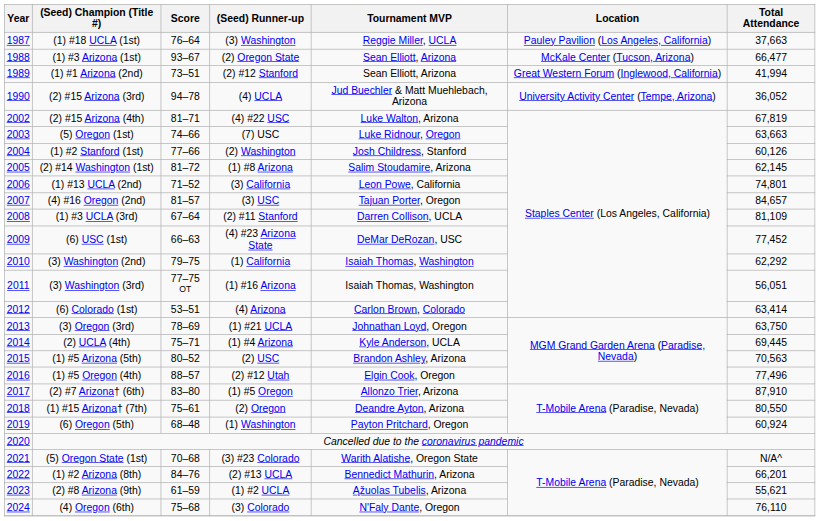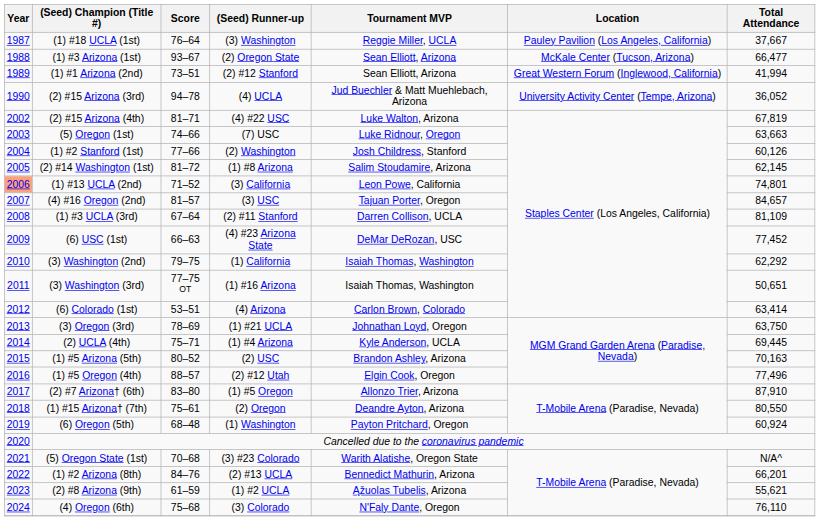 <table class="wikitable sortable" style="text-align:center">
 <tr>
 <th width=px>Year</th>
 <th width=px>(Seed) Champion (Title #)</th>
 <th width=px>Score</th>
 <th width=px>(Seed) Runner-up</th>
 <th width=px>Tournament MVP</th>
 <th width=px>Location</th>
 <th width=px>Total Attendance</th>
 </tr>
 <tr>
 <td><a href='#'>1987</a></td>
 <td>(1) #18 <a href='#'>UCLA</a> (1st)</td>
 <td>76–64</td>
 <td>(3) <a href='#'>Washington</a></td>
 <td><a href='#'>Reggie Miller</a>, <a href='#'>UCLA</a></td>
 <td><a href='#'>Pauley Pavilion</a> (<a href='#'>Los Angeles, California</a>)</td>
-<td>37,663</td>
+<td>37,667</td>
 </tr>
 <tr>
 <td><a href='#'>1988</a></td>
 <td>(1) #3 <a href='#'>Arizona</a> (1st)</td>
 <td>93–67</td>
 <td>(2) <a href='#'>Oregon State</a></td>
 <td><a href='#'>Sean Elliott</a>, <a href='#'>Arizona</a></td>
 <td><a href='#'>McKale Center</a> (<a href='#'>Tucson, Arizona</a>)</td>
 <td>66,477</td>
 </tr>
 <tr>
 <td><a href='#'>1989</a></td>
 <td>(1) #1 <a href='#'>Arizona</a> (2nd)</td>
 <td>73–51</td>
 <td>(2) #12 <a href='#'>Stanford</a></td>
 <td>Sean Elliott, Arizona</td>
 <td><a href='#'>Great Western Forum</a> (<a href='#'>Inglewood, California</a>)</td>
 <td>41,994</td>
 </tr>
 <tr>
 <td><a href='#'>1990</a></td>
 <td>(2) #15 <a href='#'>Arizona</a> (3rd)</td>
 <td>94–78</td>
 <td>(4) <a href='#'>UCLA</a></td>
 <td><a href='#'>Jud Buechler</a> & Matt Muehlebach, Arizona</td>
 <td><a href='#'>University Activity Center</a> (<a href='#'>Tempe, Arizona</a>)</td>
 <td>36,052</td>
 </tr>
 <tr>
 <td><a href='#'>2002</a></td>
 <td>(2) #15 <a href='#'>Arizona</a> (4th)</td>
 <td>81–71</td>
 <td>(4) #22 <a href='#'>USC</a></td>
 <td><a href='#'>Luke Walton</a>, Arizona</td>
 <td rowspan=11><a href='#'>Staples Center</a> (Los Angeles, California)</td>
 <td>67,819</td>
 </tr>
 <tr>
 <td><a href='#'>2003</a></td>
 <td>(5) <a href='#'>Oregon</a> (1st)</td>
 <td>74–66</td>
 <td>(7) USC</td>
 <td><a href='#'>Luke Ridnour</a>, <a href='#'>Oregon</a></td>
 <td>63,663</td>
 </tr>
 <tr>
 <td><a href='#'>2004</a></td>
 <td>(1) #2 <a href='#'>Stanford</a> (1st)</td>
 <td>77–66</td>
 <td>(2) <a href='#'>Washington</a></td>
 <td><a href='#'>Josh Childress</a>, Stanford</td>
 <td>60,126</td>
 </tr>
 <tr>
 <td><a href='#'>2005</a></td>
 <td>(2) #14 <a href='#'>Washington</a> (1st)</td>
 <td>81–72</td>
 <td>(1) #8 <a href='#'>Arizona</a></td>
 <td><a href='#'>Salim Stoudamire</a>, Arizona</td>
 <td>62,145</td>
 </tr>
 <tr>
-<td><a href='#'>2006</a></td>
+<td style="background: lightsalmon;"><a href='#'>2006</a></td>
 <td>(1) #13 <a href='#'>UCLA</a> (2nd)</td>
 <td>71–52</td>
 <td>(3) <a href='#'>California</a></td>
 <td><a href='#'>Leon Powe</a>, California</td>
 <td>74,801</td>
 </tr>
 <tr>
 <td><a href='#'>2007</a></td>
 <td>(4) #16 <a href='#'>Oregon</a> (2nd)</td>
 <td>81–57</td>
 <td>(3) <a href='#'>USC</a></td>
 <td><a href='#'>Tajuan Porter</a>, Oregon</td>
 <td>84,657</td>
 </tr>
 <tr>
 <td><a href='#'>2008</a></td>
 <td>(1) #3 <a href='#'>UCLA</a> (3rd)</td>
 <td>67–64</td>
 <td>(2) #11 <a href='#'>Stanford</a></td>
 <td><a href='#'>Darren Collison</a>, UCLA</td>
 <td>81,109</td>
 </tr>
 <tr>
 <td><a href='#'>2009</a></td>
 <td>(6) <a href='#'>USC</a> (1st)</td>
 <td>66–63</td>
 <td>(4) #23 <a href='#'>Arizona State</a></td>
 <td><a href='#'>DeMar DeRozan</a>, USC</td>
 <td>77,452</td>
 </tr>
 <tr>
 <td><a href='#'>2010</a></td>
 <td>(3) <a href='#'>Washington</a> (2nd)</td>
 <td>79–75</td>
 <td>(1) <a href='#'>California</a></td>
 <td><a href='#'>Isaiah Thomas</a>, <a href='#'>Washington</a></td>
 <td>62,292</td>
 </tr>
 <tr>
 <td><a href='#'>2011</a></td>
 <td>(3) <a href='#'>Washington</a> (3rd)</td>
 <td>77–75 <sup>OT</sup></td>
 <td>(1) #16 <a href='#'>Arizona</a></td>
 <td>Isaiah Thomas, Washington</td>
-<td>56,051</td>
+<td>50,651</td>
 </tr>
 <tr>
 <td><a href='#'>2012</a></td>
 <td>(6) <a href='#'>Colorado</a> (1st)</td>
 <td>53–51</td>
 <td>(4) <a href='#'>Arizona</a></td>
 <td><a href='#'>Carlon Brown</a>, <a href='#'>Colorado</a></td>
 <td>63,414</td>
 </tr>
 <tr>
 <td><a href='#'>2013</a></td>
 <td>(3) <a href='#'>Oregon</a> (3rd)</td>
 <td>78–69</td>
 <td>(1) #21 <a href='#'>UCLA</a></td>
 <td><a href='#'>Johnathan Loyd</a>, Oregon</td>
 <td rowspan=4><a href='#'>MGM Grand Garden Arena</a> (<a href='#'>Paradise, Nevada</a>)</td>
 <td>63,750</td>
 </tr>
 <tr>
 <td><a href='#'>2014</a></td>
 <td>(2) <a href='#'>UCLA</a> (4th)</td>
 <td>75–71</td>
 <td>(1) #4 <a href='#'>Arizona</a></td>
 <td><a href='#'>Kyle Anderson</a>, UCLA</td>
 <td>69,445</td>
 </tr>
 <tr>
 <td><a href='#'>2015</a></td>
 <td>(1) #5 <a href='#'>Arizona</a> (5th)</td>
 <td>80–52</td>
 <td>(2) <a href='#'>USC</a></td>
 <td><a href='#'>Brandon Ashley</a>, Arizona</td>
-<td>70,563</td>
+<td>70,163</td>
 </tr>
 <tr>
 <td><a href='#'>2016</a></td>
 <td>(1) #5 <a href='#'>Oregon</a> (4th)</td>
 <td>88–57</td>
 <td>(2) #12 <a href='#'>Utah</a></td>
 <td><a href='#'>Elgin Cook</a>, Oregon</td>
 <td>77,496</td>
 </tr>
 <tr>
 <td><a href='#'>2017</a></td>
 <td>(2) #7 <a href='#'>Arizona</a>† (6th)</td>
 <td>83–80</td>
 <td>(1) #5 <a href='#'>Oregon</a></td>
 <td><a href='#'>Allonzo Trier</a>, Arizona</td>
 <td rowspan=3><a href='#'>T-Mobile Arena</a> (Paradise, Nevada)</td>
 <td>87,910</td>
 </tr>
 <tr>
 <td><a href='#'>2018</a></td>
 <td>(1) #15 <a href='#'>Arizona</a>† (7th)</td>
 <td>75–61</td>
 <td>(2) <a href='#'>Oregon</a></td>
 <td><a href='#'>Deandre Ayton</a>, Arizona</td>
 <td>80,550</td>
 </tr>
 <tr>
 <td><a href='#'>2019</a></td>
 <td>(6) <a href='#'>Oregon</a> (5th)</td>
 <td>68–48</td>
 <td>(1) <a href='#'>Washington</a></td>
 <td><a href='#'>Payton Pritchard</a>, Oregon</td>
 <td>60,924</td>
 </tr>
 <tr>
 <td><a href='#'>2020</a></td>
 <td colspan=6><em>Cancelled due to the <a href='#'>coronavirus pandemic</a></em></td>
 </tr>
 <tr>
 <td><a href='#'>2021</a></td>
 <td>(5) <a href='#'>Oregon State</a> (1st)</td>
 <td>70–68</td>
 <td>(3) #23 <a href='#'>Colorado</a></td>
 <td><a href='#'>Warith Alatishe</a>, Oregon State</td>
 <td rowspan="4"><a href='#'>T-Mobile Arena</a> (Paradise, Nevada)</td>
 <td>N/A^</td>
 </tr>
 <tr>
 <td><a href='#'>2022</a></td>
 <td>(1) #2 <a href='#'>Arizona</a> (8th)</td>
 <td>84–76</td>
 <td>(2) #13 <a href='#'>UCLA</a></td>
 <td><a href='#'>Bennedict Mathurin</a>, Arizona</td>
 <td>66,201</td>
 </tr>
 <tr>
 <td><a href='#'>2023</a></td>
 <td>(2) #8 <a href='#'>Arizona</a> (9th)</td>
 <td>61–59</td>
 <td>(1) #2 <a href='#'>UCLA</a></td>
 <td><a href='#'>Ąžuolas Tubelis</a>, Arizona</td>
 <td>55,621</td>
 </tr>
 <tr>
 <td><a href='#'>2024</a></td>
 <td>(4) <a href='#'>Oregon</a> (6th)</td>
 <td>75–68</td>
 <td>(3) <a href='#'>Colorado</a></td>
 <td><a href='#'>N'Faly Dante</a>, Oregon</td>
 <td>76,110</td>
 </tr>
 <tr>
 </tr>
 </table>
